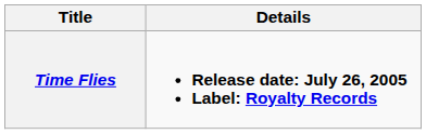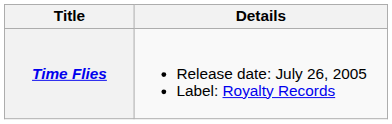 <table class="wikitable plainrowheaders">
 <tr>
 <th style="width:8em;">Title</th>
 <th style="width:16em;">Details</th>
 </tr>
 <tr>
 <th scope="row"><em><a href='#'>Time Flies</a></em></th>
-<td><strong><br><ul><li>Release date: July 26, 2005</li><li>Label: <a href='#'>Royalty Records</a></li></ul></strong></td>
+<td><br><ul><li>Release date: July 26, 2005</li><li>Label: <a href='#'>Royalty Records</a></li></ul></td>
 </tr>
 </table>
